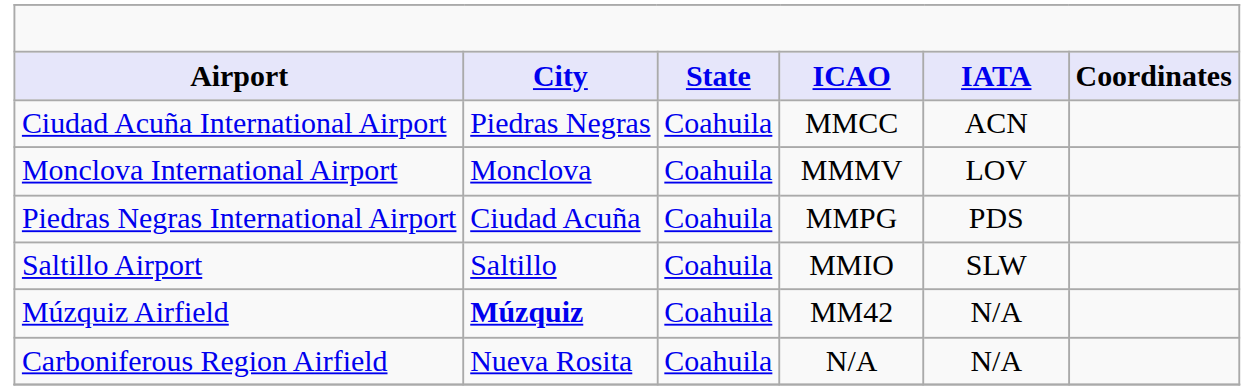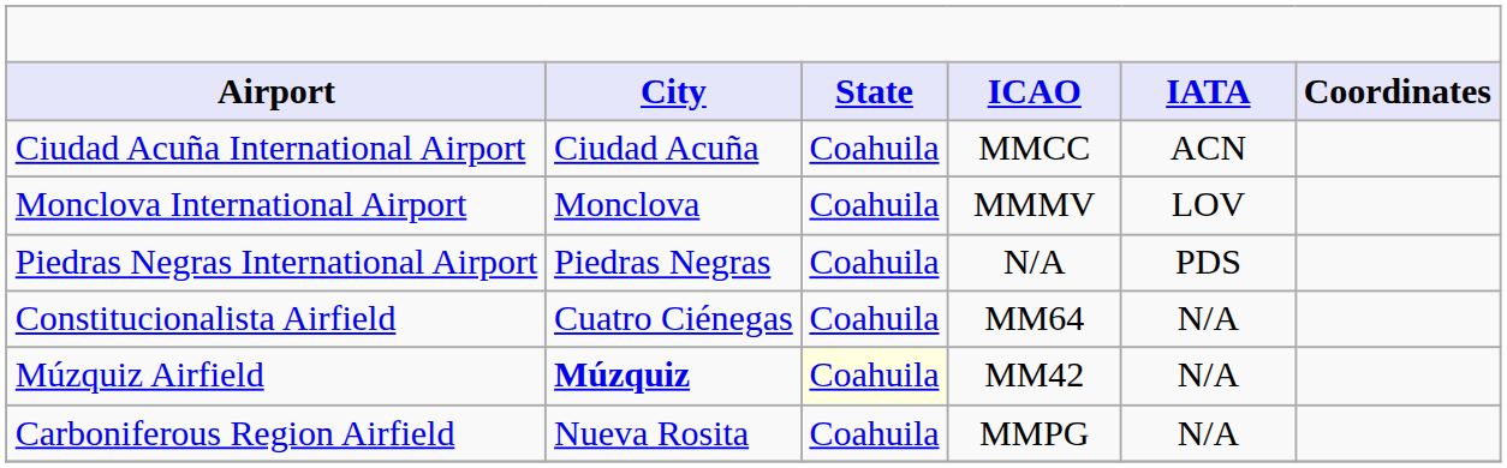 <table class="wikitable" style="margin:0 auto">
 <tr>
 <td align=center colspan=6><br>         </td>
 </tr>
 <tr>
 <th style="background:Lavender; color:Black">Airport</th>
 <th style="background:Lavender; color:Black"><a href='#'>City</a></th>
 <th style="background:Lavender; color:Black"><a href='#'>State</a></th>
 <th width=70 px style="background:Lavender; color:Black"><a href='#'>ICAO</a></th>
 <th width=70 px style="background:Lavender; color:Black"><a href='#'>IATA</a></th>
 <th width=70 px style="background:Lavender; color:Black">Coordinates</th>
 </tr>
 <tr>
 <td><a href='#'>Ciudad Acuña International Airport</a></td>
-<td><a href='#'>Piedras Negras</a></td>
+<td><a href='#'>Ciudad Acuña</a></td>
 <td><a href='#'>Coahuila</a></td>
 <td style="text-align:center;">MMCC</td>
 <td style="text-align:center;">ACN</td>
 <td></td>
 </tr>
 <tr>
 <td><a href='#'>Monclova International Airport</a></td>
 <td><a href='#'>Monclova</a></td>
 <td><a href='#'>Coahuila</a></td>
 <td style="text-align:center;">MMMV</td>
 <td style="text-align:center;">LOV</td>
 <td></td>
 </tr>
 <tr>
 <td><a href='#'>Piedras Negras International Airport</a></td>
-<td><a href='#'>Ciudad Acuña</a></td>
+<td><a href='#'>Piedras Negras</a></td>
 <td><a href='#'>Coahuila</a></td>
-<td style="text-align:center;">MMPG</td>
+<td style="text-align:center;">N/A</td>
 <td style="text-align:center;">PDS</td>
 <td></td>
 </tr>
 <tr>
-<td><a href='#'>Saltillo Airport</a></td>
-<td><a href='#'>Saltillo</a></td>
+<td><a href='#'>Constitucionalista Airfield</a></td>
+<td><a href='#'>Cuatro Ciénegas</a></td>
 <td><a href='#'>Coahuila</a></td>
-<td style="text-align:center;">MMIO</td>
-<td style="text-align:center;">SLW</td>
+<td style="text-align:center;">MM64</td>
+<td style="text-align:center;">N/A</td>
 <td></td>
 </tr>
 <tr>
 <td><a href='#'>Múzquiz Airfield</a></td>
 <td><strong><a href='#'>Múzquiz</a></strong></td>
-<td><a href='#'>Coahuila</a></td>
+<td style="background: lightyellow;"><a href='#'>Coahuila</a></td>
 <td style="text-align:center;">MM42</td>
 <td style="text-align:center;">N/A</td>
 <td></td>
 </tr>
 <tr>
 <td><a href='#'>Carboniferous Region Airfield</a></td>
 <td><a href='#'>Nueva Rosita</a></td>
 <td><a href='#'>Coahuila</a></td>
-<td style="text-align:center;">N/A</td>
+<td style="text-align:center;">MMPG</td>
 <td style="text-align:center;">N/A</td>
 <td></td>
 </tr>
 <tr>
 </tr>
 </table>
